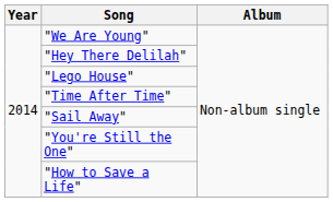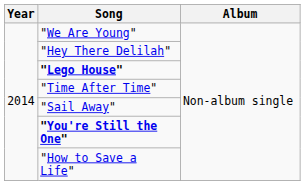 <table class="wikitable">
 <tr>
 <th>Year</th>
 <th style="width:12em;">Song</th>
 <th style="width:10em;">Album</th>
 </tr>
 <tr>
 <td rowspan="7">2014</td>
 <td>"<a href='#'>We Are Young</a>"</td>
 <td rowspan="7">Non-album single</td>
 </tr>
 <tr>
 <td>"<a href='#'>Hey There Delilah</a>"</td>
 </tr>
 <tr>
-<td>"<a href='#'>Lego House</a>"</td>
+<td><strong>"<a href='#'>Lego House</a>"</strong></td>
 </tr>
 <tr>
 <td>"<a href='#'>Time After Time</a>"</td>
 </tr>
 <tr>
 <td>"<a href='#'>Sail Away</a>"</td>
 </tr>
 <tr>
-<td>"<a href='#'>You're Still the One</a>"</td>
+<td><strong>"<a href='#'>You're Still the One</a>"</strong></td>
 </tr>
 <tr>
 <td>"<a href='#'>How to Save a Life</a>"</td>
 </tr>
 </table>
